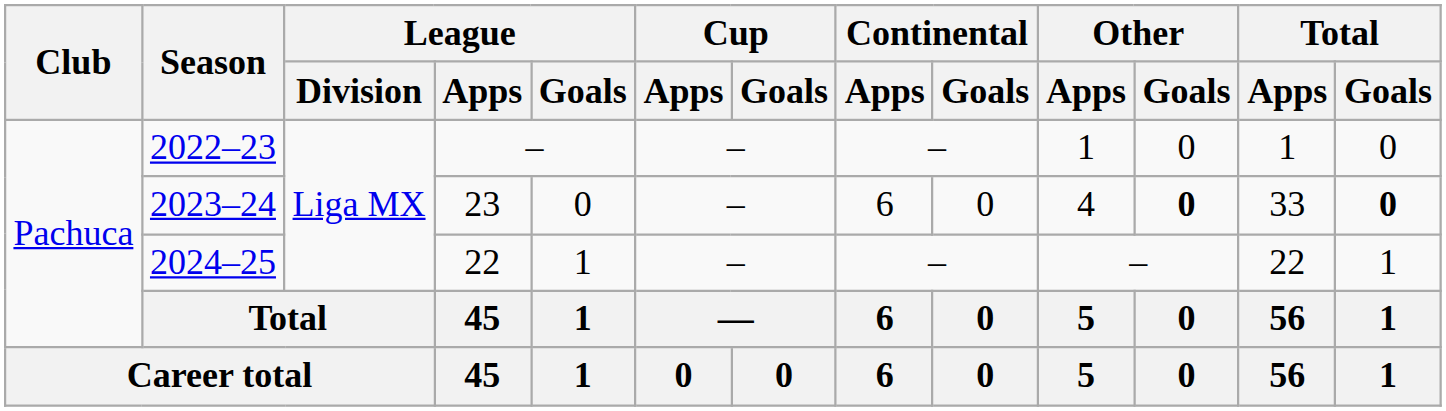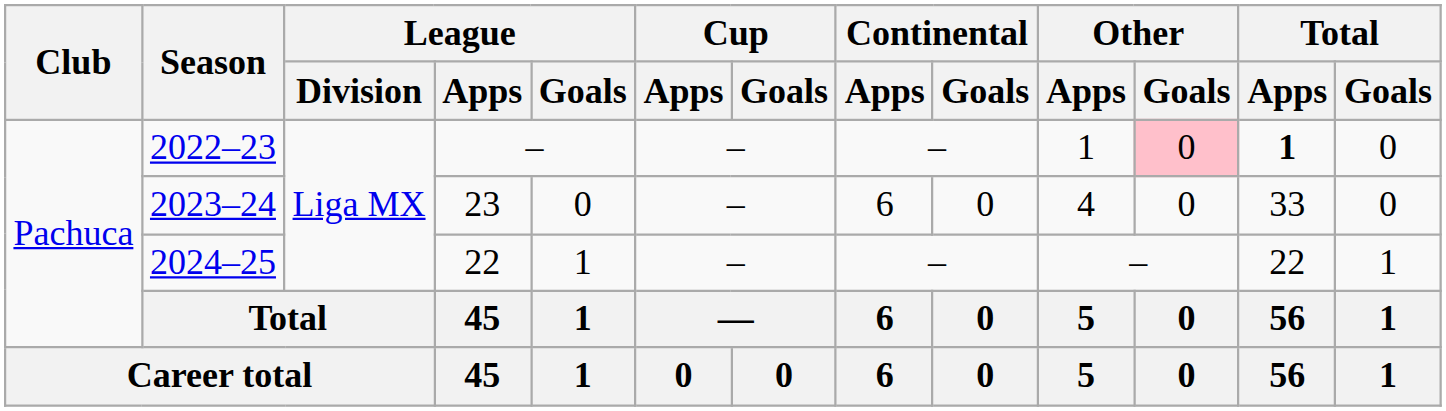 <table class="wikitable" style="text-align: center">
 <tr>
 <th rowspan="2">Club</th>
 <th rowspan="2">Season</th>
 <th colspan="3">League</th>
 <th colspan="2">Cup</th>
 <th colspan="2">Continental</th>
 <th colspan="2">Other</th>
 <th colspan="2">Total</th>
 </tr>
 <tr>
 <th>Division</th>
 <th>Apps</th>
 <th>Goals</th>
 <th>Apps</th>
 <th>Goals</th>
 <th>Apps</th>
 <th>Goals</th>
 <th>Apps</th>
 <th>Goals</th>
 <th>Apps</th>
 <th>Goals</th>
 </tr>
 <tr>
 <td rowspan="4"><a href='#'>Pachuca</a></td>
 <td><a href='#'>2022–23</a></td>
 <td rowspan="3"><a href='#'>Liga MX</a></td>
 <td colspan="2">–</td>
 <td colspan="2">–</td>
 <td colspan="2">–</td>
 <td>1</td>
-<td>0</td>
-<td>1</td>
+<td style="background: pink;">0</td>
+<td><strong>1</strong></td>
 <td>0</td>
 </tr>
 <tr>
 <td><a href='#'>2023–24</a></td>
 <td>23</td>
 <td>0</td>
 <td colspan="2">–</td>
 <td>6</td>
 <td>0</td>
 <td>4</td>
-<td><strong>0</strong></td>
+<td>0</td>
 <td>33</td>
-<td><strong>0</strong></td>
+<td>0</td>
 </tr>
 <tr>
 <td><a href='#'>2024–25</a></td>
 <td>22</td>
 <td>1</td>
 <td colspan="2">–</td>
 <td colspan="2">–</td>
 <td colspan="2">–</td>
 <td>22</td>
 <td>1</td>
 </tr>
 <tr>
 <th colspan="2">Total</th>
 <th>45</th>
 <th>1</th>
 <th colspan="2">—</th>
 <th>6</th>
 <th>0</th>
 <th>5</th>
 <th>0</th>
 <th>56</th>
 <th>1</th>
 </tr>
 <tr>
 <th colspan=3>Career total</th>
 <th>45</th>
 <th>1</th>
 <th>0</th>
 <th>0</th>
 <th>6</th>
 <th>0</th>
 <th>5</th>
 <th>0</th>
 <th>56</th>
 <th>1</th>
 </tr>
 </table>
